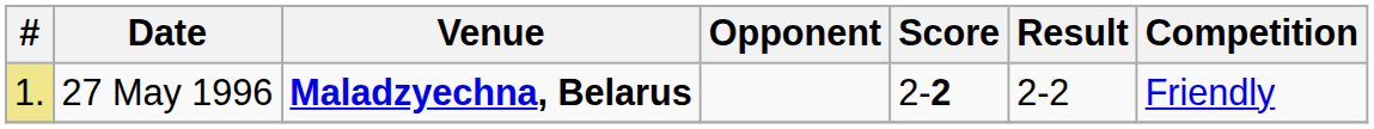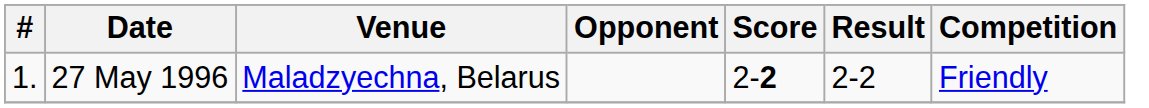 <table class="wikitable">
 <tr>
 <th>#</th>
 <th>Date</th>
 <th>Venue</th>
 <th>Opponent</th>
 <th>Score</th>
 <th>Result</th>
 <th>Competition</th>
 </tr>
 <tr>
-<td style="background: khaki;">1.</td>
+<td>1.</td>
 <td>27 May 1996</td>
-<td><strong><a href='#'>Maladzyechna</a>, Belarus</strong></td>
+<td><a href='#'>Maladzyechna</a>, Belarus</td>
 <td></td>
 <td>2-<strong>2</strong></td>
 <td>2-2</td>
 <td><a href='#'>Friendly</a></td>
 </tr>
 <tr>
 </tr>
 </table>
